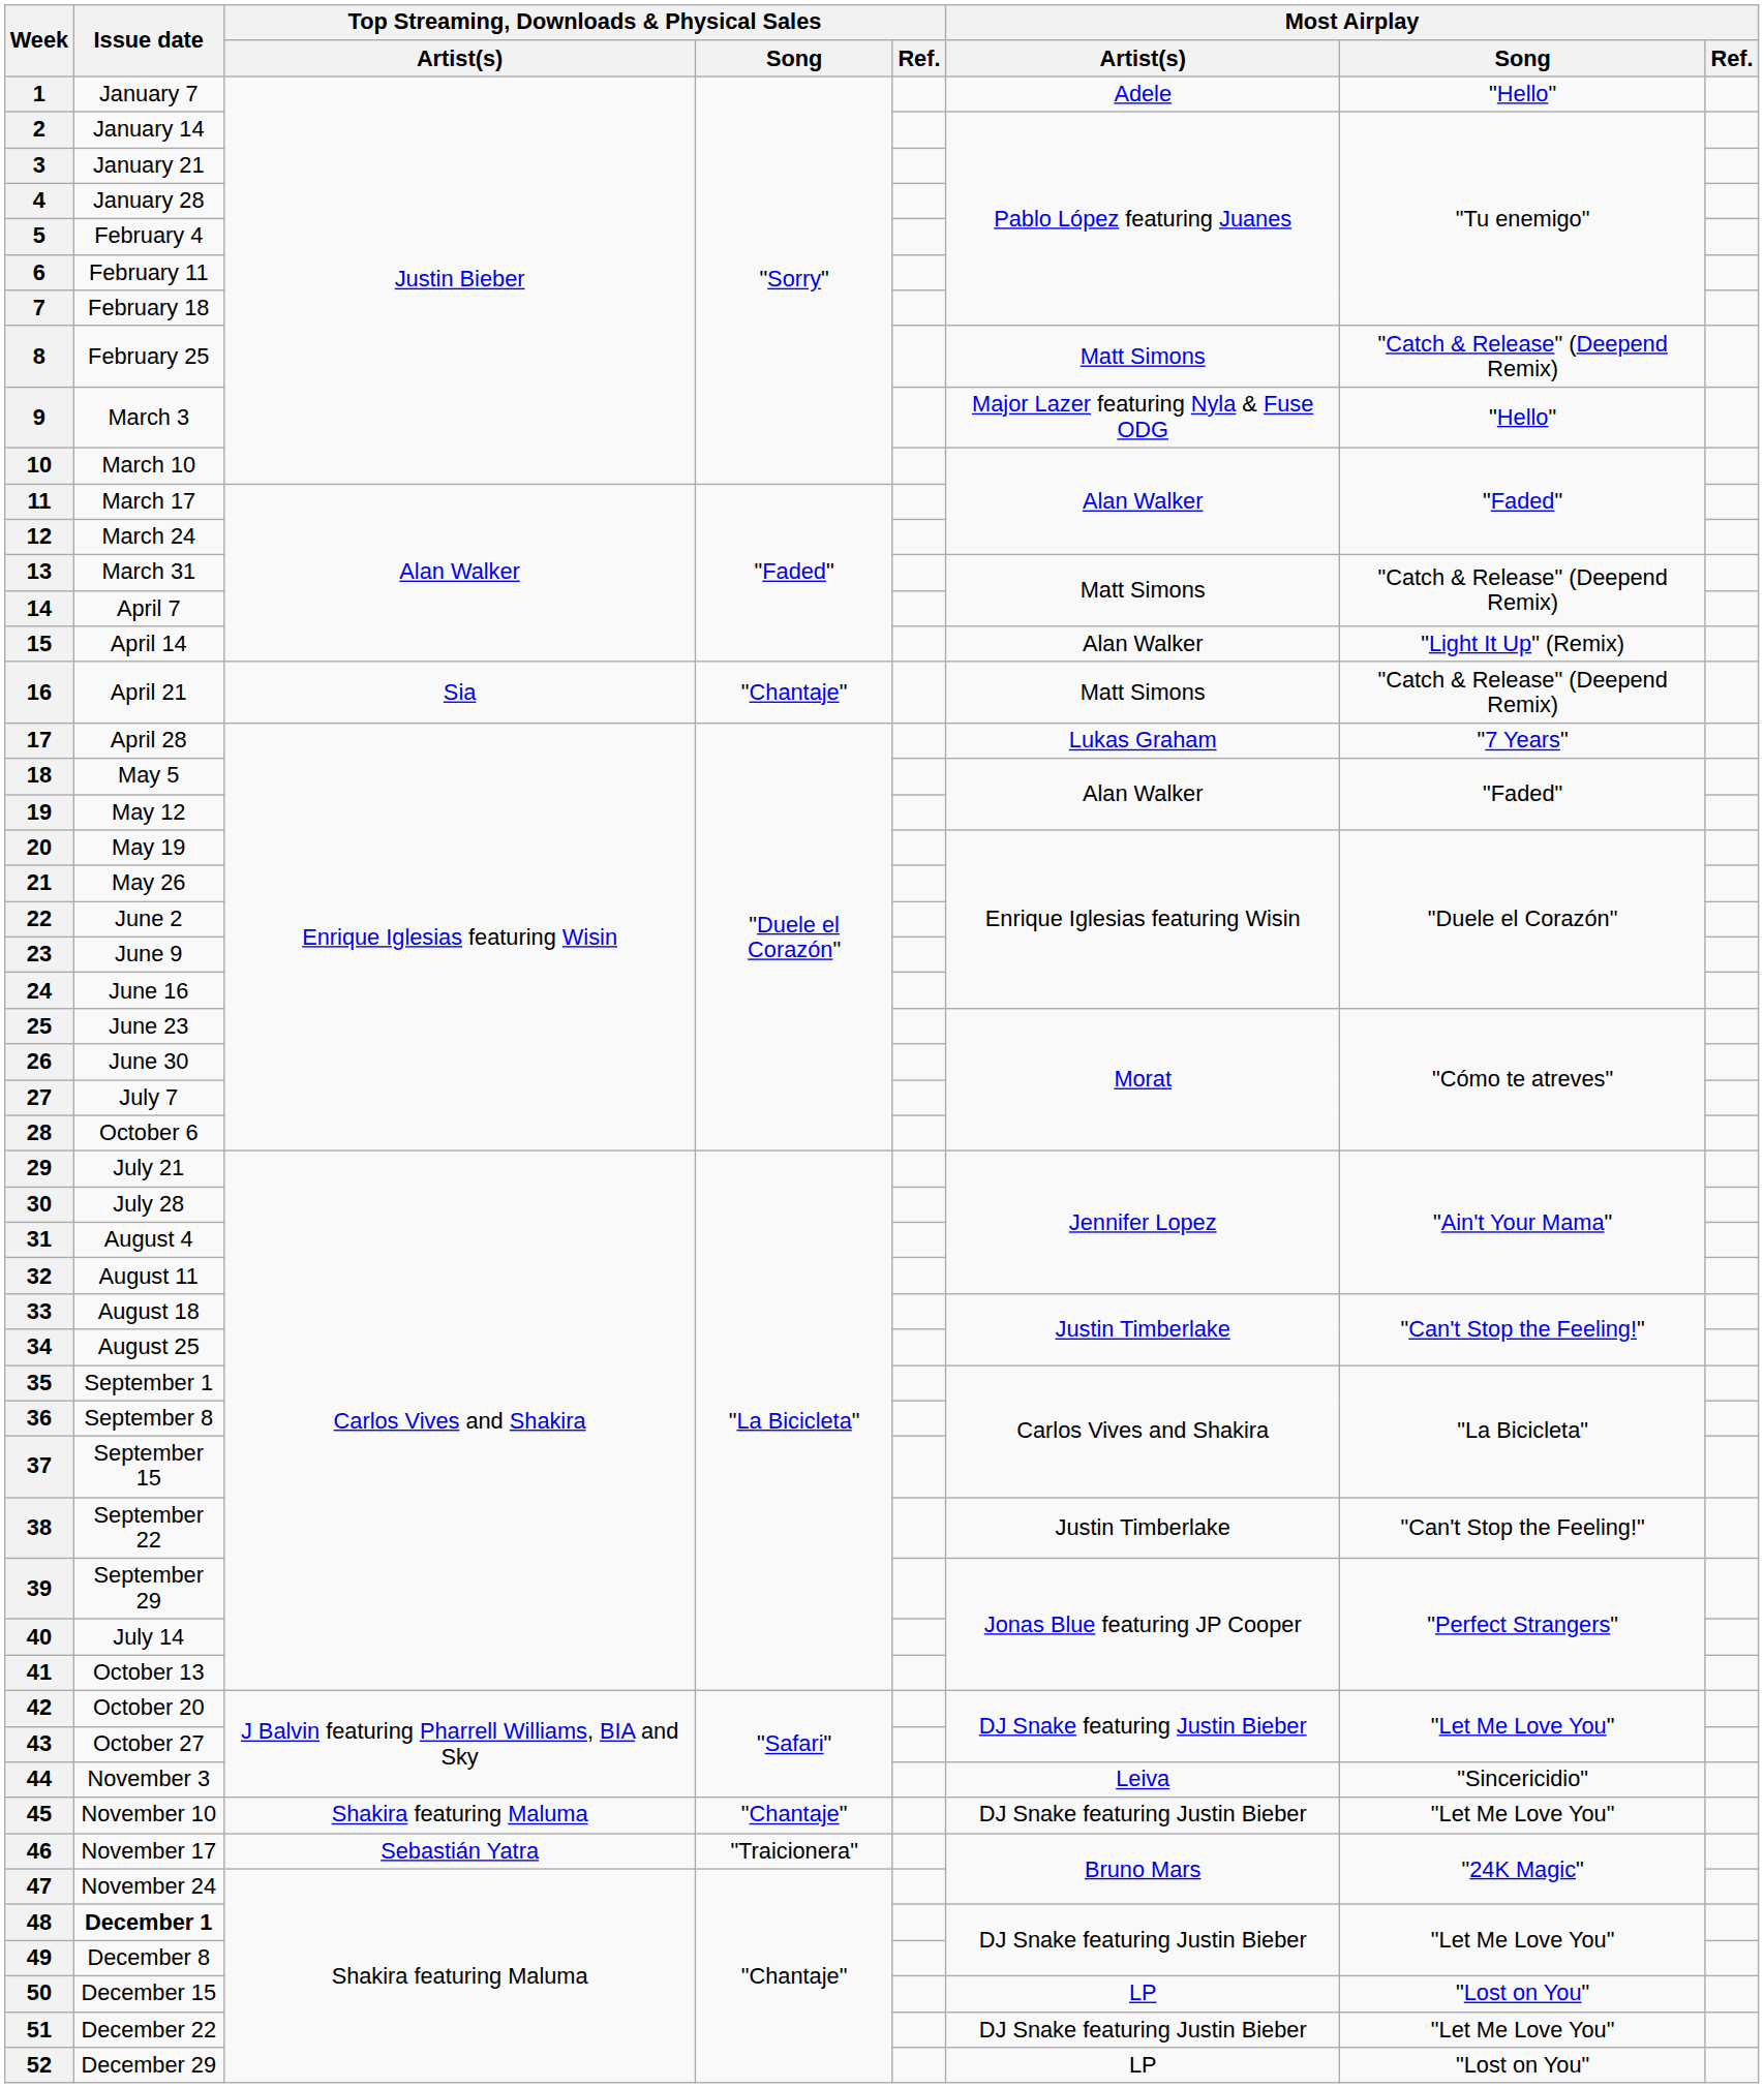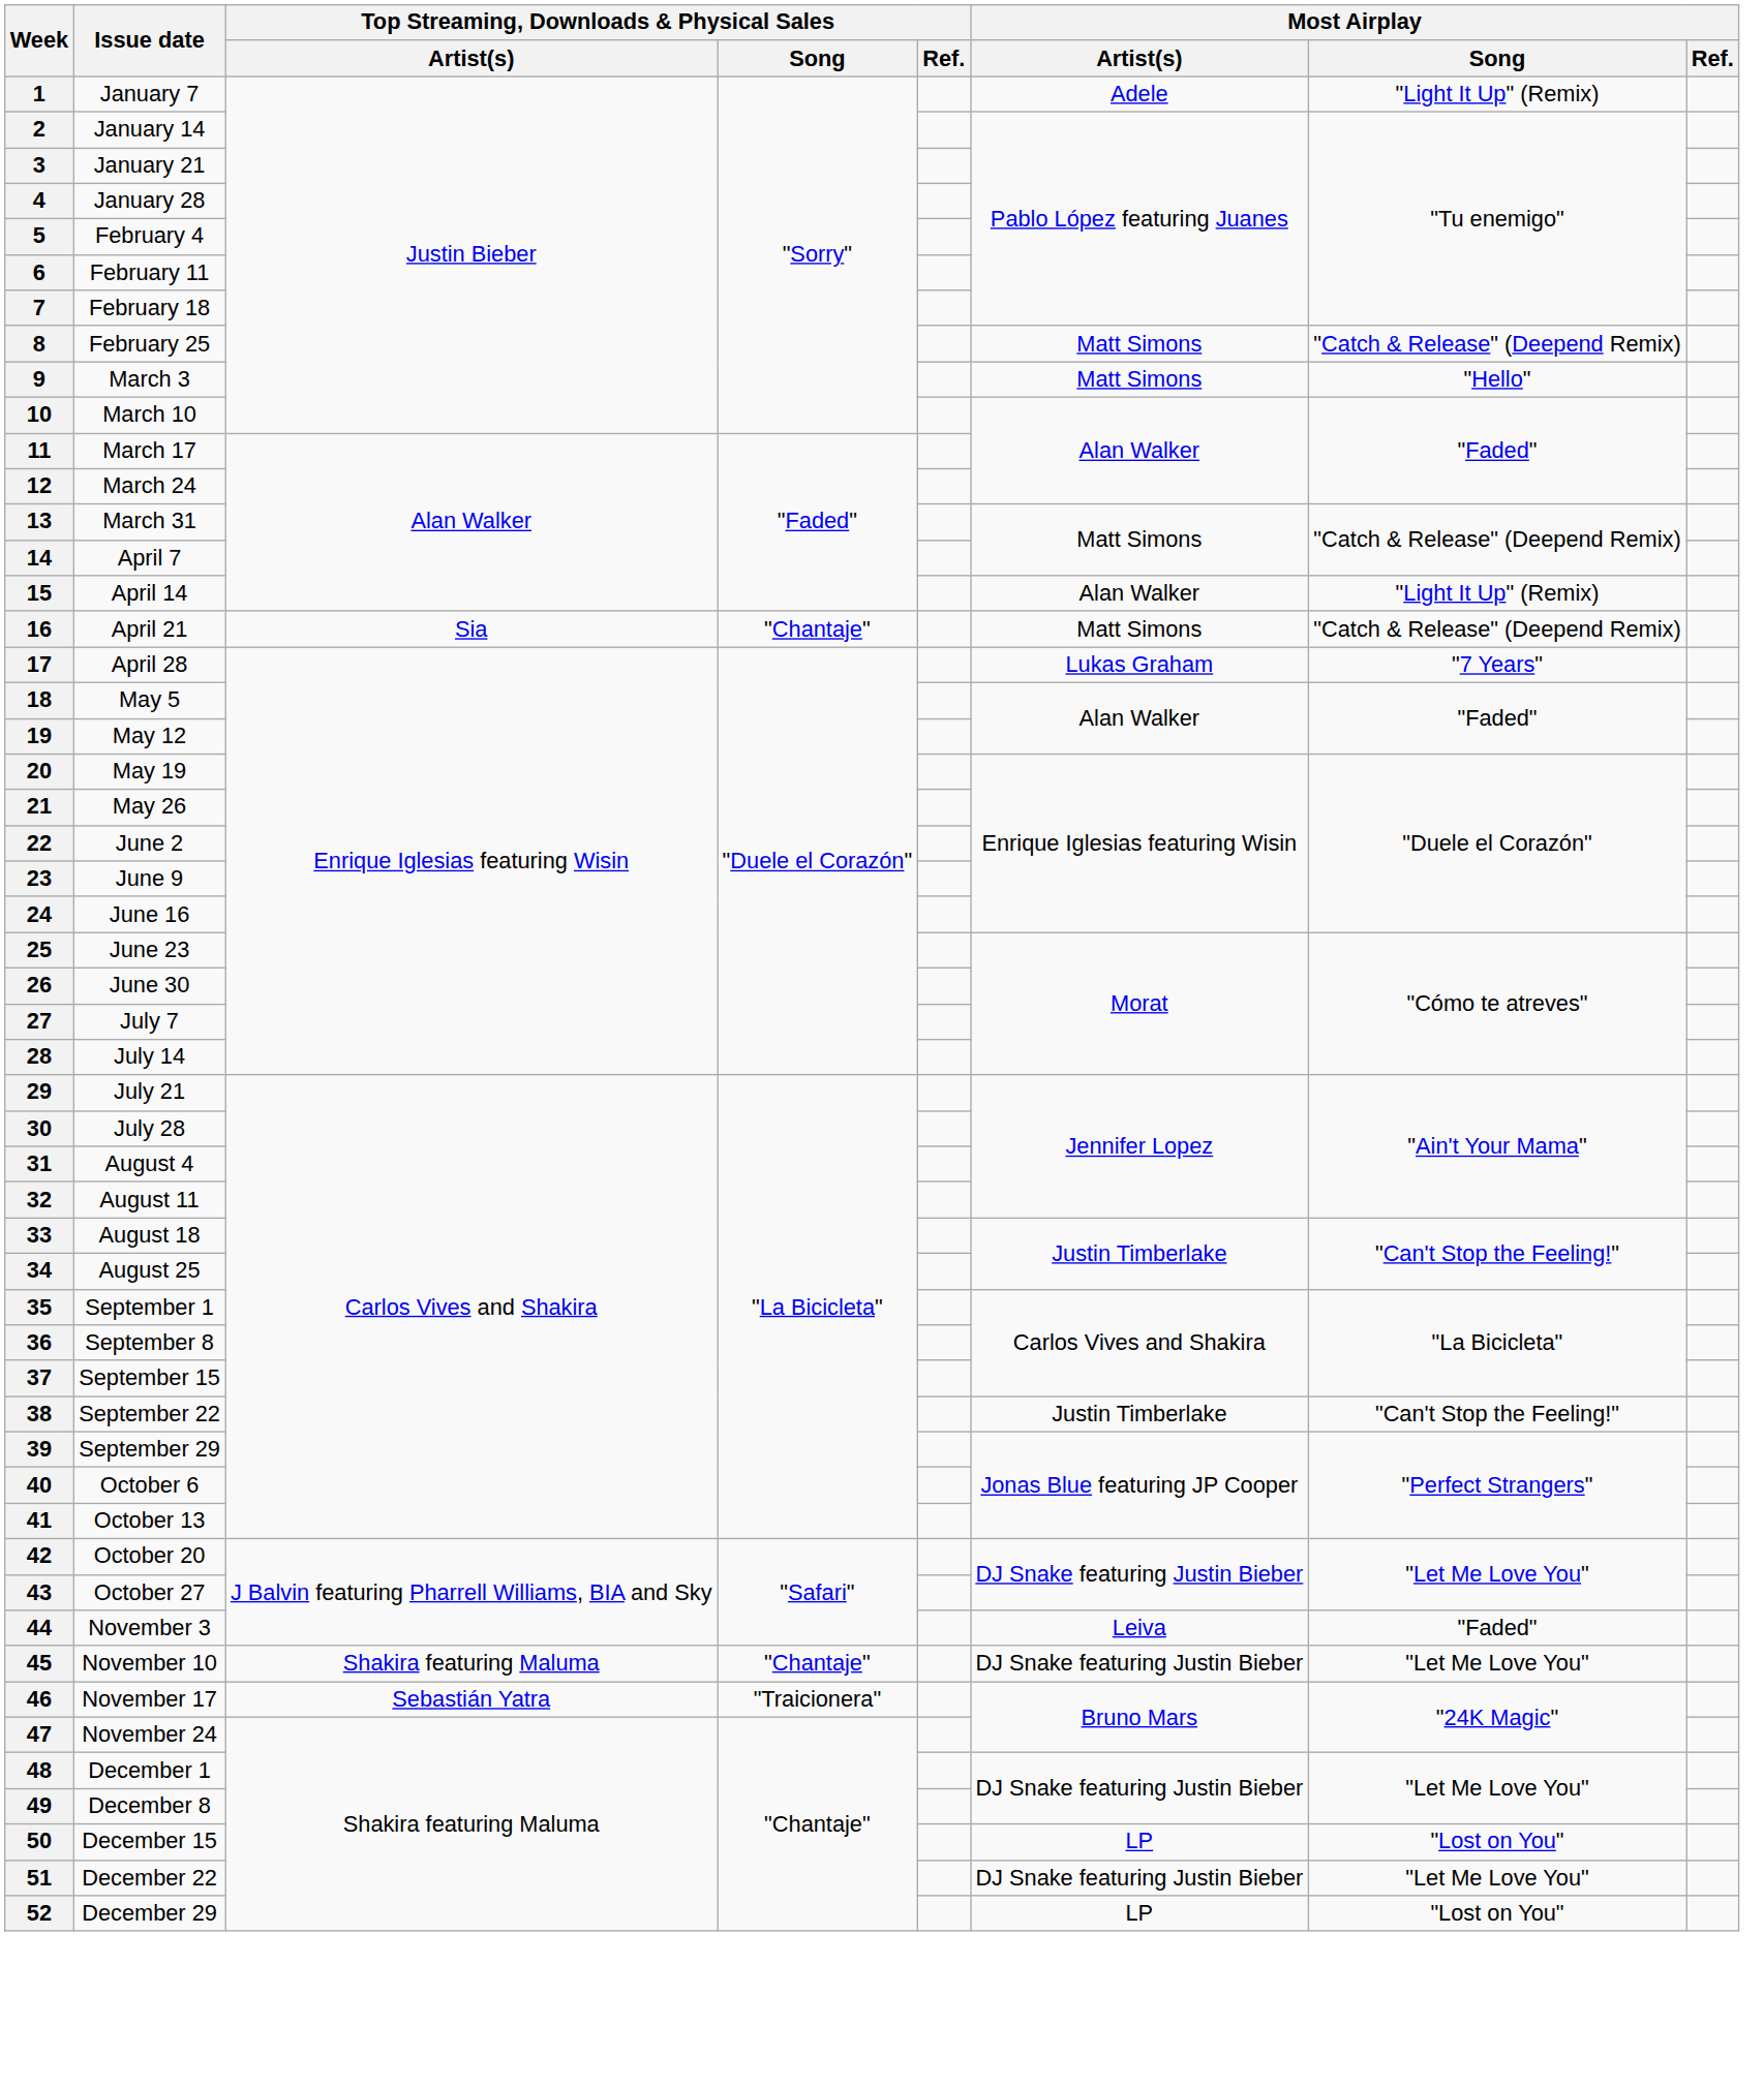 <table class="wikitable" style="text-align:center">
 <tr>
 <th rowspan="2">Week</th>
 <th rowspan="2">Issue date</th>
 <th colspan="3">Top Streaming, Downloads & Physical Sales</th>
 <th colspan="3">Most Airplay</th>
 </tr>
 <tr>
 <th>Artist(s)</th>
 <th>Song</th>
 <th>Ref.</th>
 <th>Artist(s)</th>
 <th>Song</th>
 <th>Ref.</th>
 </tr>
 <tr>
 <th>1</th>
 <td>January 7</td>
 <td rowspan="10"><a href='#'>Justin Bieber</a></td>
 <td rowspan="10">"<a href='#'>Sorry</a>"</td>
 <td></td>
 <td><a href='#'>Adele</a></td>
-<td>"<a href='#'>Hello</a>"</td>
+<td>"<a href='#'>Light It Up</a>" (Remix)</td>
 <td></td>
 </tr>
 <tr>
 <th>2</th>
 <td>January 14</td>
 <td></td>
 <td rowspan="6"><a href='#'>Pablo López</a> featuring <a href='#'>Juanes</a></td>
 <td rowspan="6">"Tu enemigo"</td>
 <td></td>
 </tr>
 <tr>
 <th>3</th>
 <td>January 21</td>
 <td></td>
 <td></td>
 </tr>
 <tr>
 <th>4</th>
 <td>January 28</td>
 <td></td>
 <td></td>
 </tr>
 <tr>
 <th>5</th>
 <td>February 4</td>
 <td></td>
 <td></td>
 </tr>
 <tr>
 <th>6</th>
 <td>February 11</td>
 <td></td>
 <td></td>
 </tr>
 <tr>
 <th>7</th>
 <td>February 18</td>
 <td></td>
 <td></td>
 </tr>
 <tr>
 <th>8</th>
 <td>February 25</td>
 <td></td>
 <td><a href='#'>Matt Simons</a></td>
 <td>"<a href='#'>Catch & Release</a>" (<a href='#'>Deepend</a> Remix)</td>
 <td></td>
 </tr>
 <tr>
 <th>9</th>
 <td>March 3</td>
 <td></td>
-<td><a href='#'>Major Lazer</a> featuring <a href='#'>Nyla</a> & <a href='#'>Fuse ODG</a></td>
+<td><a href='#'>Matt Simons</a></td>
 <td>"<a href='#'>Hello</a>"</td>
 <td></td>
 </tr>
 <tr>
 <th>10</th>
 <td>March 10</td>
 <td></td>
 <td rowspan="3"><a href='#'>Alan Walker</a></td>
 <td rowspan="3">"<a href='#'>Faded</a>"</td>
 <td></td>
 </tr>
 <tr>
 <th>11</th>
 <td>March 17</td>
 <td rowspan="5"><a href='#'>Alan Walker</a></td>
 <td rowspan="5">"<a href='#'>Faded</a>"</td>
 <td></td>
 <td></td>
 </tr>
 <tr>
 <th>12</th>
 <td>March 24</td>
 <td></td>
 <td></td>
 </tr>
 <tr>
 <th>13</th>
 <td>March 31</td>
 <td></td>
 <td rowspan="2">Matt Simons</td>
 <td rowspan="2">"Catch & Release" (Deepend Remix)</td>
 <td></td>
 </tr>
 <tr>
 <th>14</th>
 <td>April 7</td>
 <td></td>
 <td></td>
 </tr>
 <tr>
 <th>15</th>
 <td>April 14</td>
 <td></td>
 <td style="text-align: center;">Alan Walker</td>
 <td>"<a href='#'>Light It Up</a>" (Remix)</td>
 <td></td>
 </tr>
 <tr>
 <th>16</th>
 <td>April 21</td>
 <td><a href='#'>Sia</a></td>
 <td>"<a href='#'>Chantaje</a>"</td>
 <td></td>
 <td>Matt Simons</td>
 <td>"Catch & Release" (Deepend Remix)</td>
 <td></td>
 </tr>
 <tr>
 <th>17</th>
 <td>April 28</td>
 <td rowspan="12"><a href='#'>Enrique Iglesias</a> featuring <a href='#'>Wisin</a></td>
 <td rowspan="12">"<a href='#'>Duele el Corazón</a>"</td>
 <td></td>
 <td><a href='#'>Lukas Graham</a></td>
 <td>"<a href='#'>7 Years</a>"</td>
 <td></td>
 </tr>
 <tr>
 <th>18</th>
 <td>May 5</td>
 <td></td>
 <td rowspan="2">Alan Walker</td>
 <td rowspan="2">"Faded"</td>
 <td></td>
 </tr>
 <tr>
 <th>19</th>
 <td>May 12</td>
 <td></td>
 <td></td>
 </tr>
 <tr>
 <th>20</th>
 <td>May 19</td>
 <td></td>
 <td rowspan="5">Enrique Iglesias featuring Wisin</td>
 <td rowspan="5">"Duele el Corazón"</td>
 <td></td>
 </tr>
 <tr>
 <th>21</th>
 <td>May 26</td>
 <td></td>
 <td></td>
 </tr>
 <tr>
 <th>22</th>
 <td>June 2</td>
 <td></td>
 <td></td>
 </tr>
 <tr>
 <th>23</th>
 <td>June 9</td>
 <td></td>
 <td></td>
 </tr>
 <tr>
 <th>24</th>
 <td>June 16</td>
 <td></td>
 <td></td>
 </tr>
 <tr>
 <th>25</th>
 <td>June 23</td>
 <td></td>
 <td rowspan="4"><a href='#'>Morat</a></td>
 <td rowspan="4">"Cómo te atreves"</td>
 <td></td>
 </tr>
 <tr>
 <th>26</th>
 <td>June 30</td>
 <td></td>
 <td></td>
 </tr>
 <tr>
 <th>27</th>
 <td>July 7</td>
 <td></td>
 <td></td>
 </tr>
 <tr>
 <th>28</th>
-<td>October 6</td>
+<td>July 14</td>
 <td></td>
 <td></td>
 </tr>
 <tr>
 <th>29</th>
 <td>July 21</td>
 <td rowspan="13"><a href='#'>Carlos Vives</a> and <a href='#'>Shakira</a></td>
 <td rowspan="13">"<a href='#'>La Bicicleta</a>"</td>
 <td></td>
 <td rowspan="4"><a href='#'>Jennifer Lopez</a></td>
 <td rowspan="4">"<a href='#'>Ain't Your Mama</a>"</td>
 <td></td>
 </tr>
 <tr>
 <th>30</th>
 <td>July 28</td>
 <td></td>
 <td></td>
 </tr>
 <tr>
 <th>31</th>
 <td>August 4</td>
 <td></td>
 <td></td>
 </tr>
 <tr>
 <th>32</th>
 <td>August 11</td>
 <td></td>
 <td></td>
 </tr>
 <tr>
 <th>33</th>
 <td>August 18</td>
 <td></td>
 <td rowspan="2"><a href='#'>Justin Timberlake</a></td>
 <td rowspan="2">"<a href='#'>Can't Stop the Feeling!</a>"</td>
 <td></td>
 </tr>
 <tr>
 <th>34</th>
 <td>August 25</td>
 <td></td>
 <td></td>
 </tr>
 <tr>
 <th>35</th>
 <td>September 1</td>
 <td></td>
 <td rowspan="3">Carlos Vives and Shakira</td>
 <td rowspan="3">"La Bicicleta"</td>
 <td></td>
 </tr>
 <tr>
 <th>36</th>
 <td>September 8</td>
 <td></td>
 <td></td>
 </tr>
 <tr>
 <th>37</th>
 <td>September 15</td>
 <td></td>
 <td></td>
 </tr>
 <tr>
 <th>38</th>
 <td>September 22</td>
 <td></td>
 <td>Justin Timberlake</td>
 <td>"Can't Stop the Feeling!"</td>
 <td></td>
 </tr>
 <tr>
 <th>39</th>
 <td>September 29</td>
 <td></td>
 <td rowspan="3"><a href='#'>Jonas Blue</a> featuring JP Cooper</td>
 <td rowspan="3">"<a href='#'>Perfect Strangers</a>"</td>
 <td></td>
 </tr>
 <tr>
 <th>40</th>
-<td>July 14</td>
+<td>October 6</td>
 <td></td>
 <td></td>
 </tr>
 <tr>
 <th>41</th>
 <td>October 13</td>
 <td></td>
 <td></td>
 </tr>
 <tr>
 <th>42</th>
 <td>October 20</td>
 <td rowspan="3"><a href='#'>J Balvin</a> featuring <a href='#'>Pharrell Williams</a>, <a href='#'>BIA</a> and Sky</td>
 <td rowspan="3">"<a href='#'>Safari</a>"</td>
 <td></td>
 <td rowspan="2"><a href='#'>DJ Snake</a> featuring <a href='#'>Justin Bieber</a></td>
 <td rowspan="2">"<a href='#'>Let Me Love You</a>"</td>
 <td></td>
 </tr>
 <tr>
 <th>43</th>
 <td>October 27</td>
 <td></td>
 <td></td>
 </tr>
 <tr>
 <th>44</th>
 <td>November 3</td>
 <td></td>
 <td><a href='#'>Leiva</a></td>
-<td>"Sincericidio"</td>
+<td style="text-align: center;">"Faded"</td>
 <td></td>
 </tr>
 <tr>
 <th>45</th>
 <td>November 10</td>
 <td><a href='#'>Shakira</a> featuring <a href='#'>Maluma</a></td>
 <td>"<a href='#'>Chantaje</a>"</td>
 <td></td>
 <td>DJ Snake featuring Justin Bieber</td>
 <td>"Let Me Love You"</td>
 <td></td>
 </tr>
 <tr>
 <th>46</th>
 <td>November 17</td>
 <td><a href='#'>Sebastián Yatra</a></td>
 <td>"Traicionera"</td>
 <td></td>
 <td rowspan="2"><a href='#'>Bruno Mars</a></td>
 <td rowspan="2">"<a href='#'>24K Magic</a>"</td>
 <td></td>
 </tr>
 <tr>
 <th>47</th>
 <td>November 24</td>
 <td rowspan="6">Shakira featuring Maluma</td>
 <td rowspan="6">"Chantaje"</td>
 <td></td>
 <td></td>
 </tr>
 <tr>
 <th>48</th>
-<td><strong>December 1</strong></td>
+<td>December 1</td>
 <td></td>
 <td rowspan="2">DJ Snake featuring Justin Bieber</td>
 <td rowspan="2">"Let Me Love You"</td>
 <td></td>
 </tr>
 <tr>
 <th>49</th>
 <td>December 8</td>
 <td></td>
 <td></td>
 </tr>
 <tr>
 <th>50</th>
 <td>December 15</td>
 <td></td>
 <td><a href='#'>LP</a></td>
 <td>"<a href='#'>Lost on You</a>"</td>
 <td></td>
 </tr>
 <tr>
 <th>51</th>
 <td>December 22</td>
 <td></td>
 <td>DJ Snake featuring Justin Bieber</td>
 <td>"Let Me Love You"</td>
 <td></td>
 </tr>
 <tr>
 <th>52</th>
 <td>December 29</td>
 <td></td>
 <td>LP</td>
 <td>"Lost on You"</td>
 <td></td>
 </tr>
 </table>
